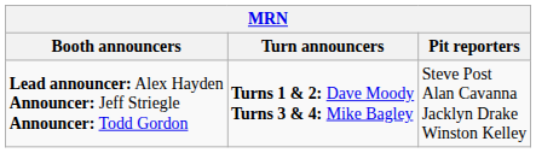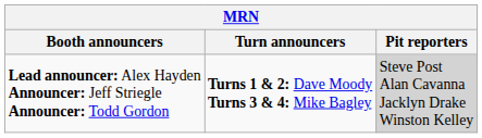 <table class="wikitable" style="font-size: 95%;">
 <tr>
 <th colspan="3"><a href='#'>MRN</a></th>
 </tr>
 <tr>
 <th>Booth announcers</th>
 <th>Turn announcers</th>
 <th>Pit reporters</th>
 </tr>
 <tr>
 <td><strong>Lead announcer:</strong> Alex Hayden<br><strong>Announcer:</strong> Jeff Striegle<br><strong>Announcer:</strong> <a href='#'>Todd Gordon</a></td>
 <td><strong>Turns 1 & 2:</strong> <a href='#'>Dave Moody</a><br><strong>Turns 3 & 4:</strong> <a href='#'>Mike Bagley</a></td>
-<td>Steve Post<br>Alan Cavanna<br>Jacklyn Drake<br>Winston Kelley</td>
+<td style="background: lightgrey;">Steve Post<br>Alan Cavanna<br>Jacklyn Drake<br>Winston Kelley</td>
 </tr>
 </table>
